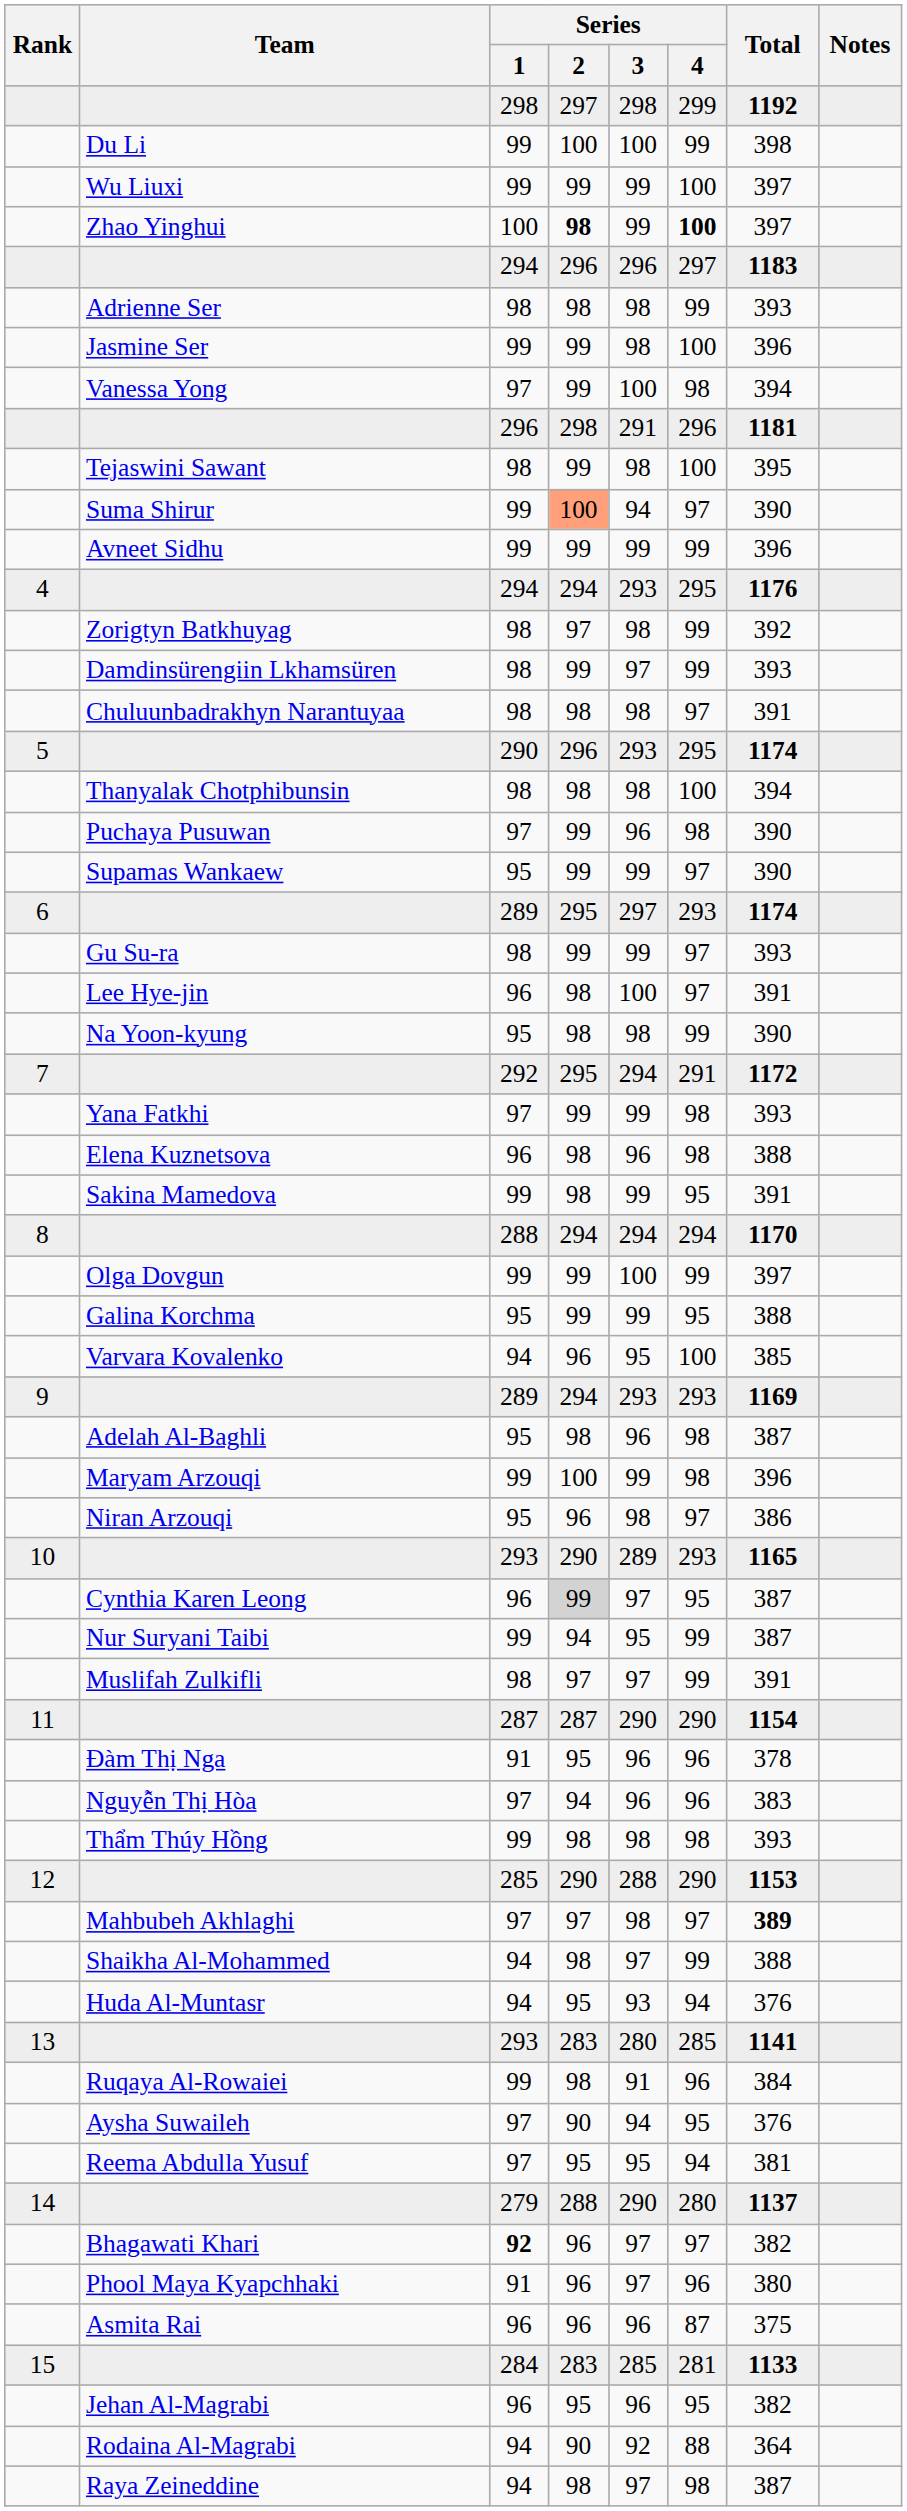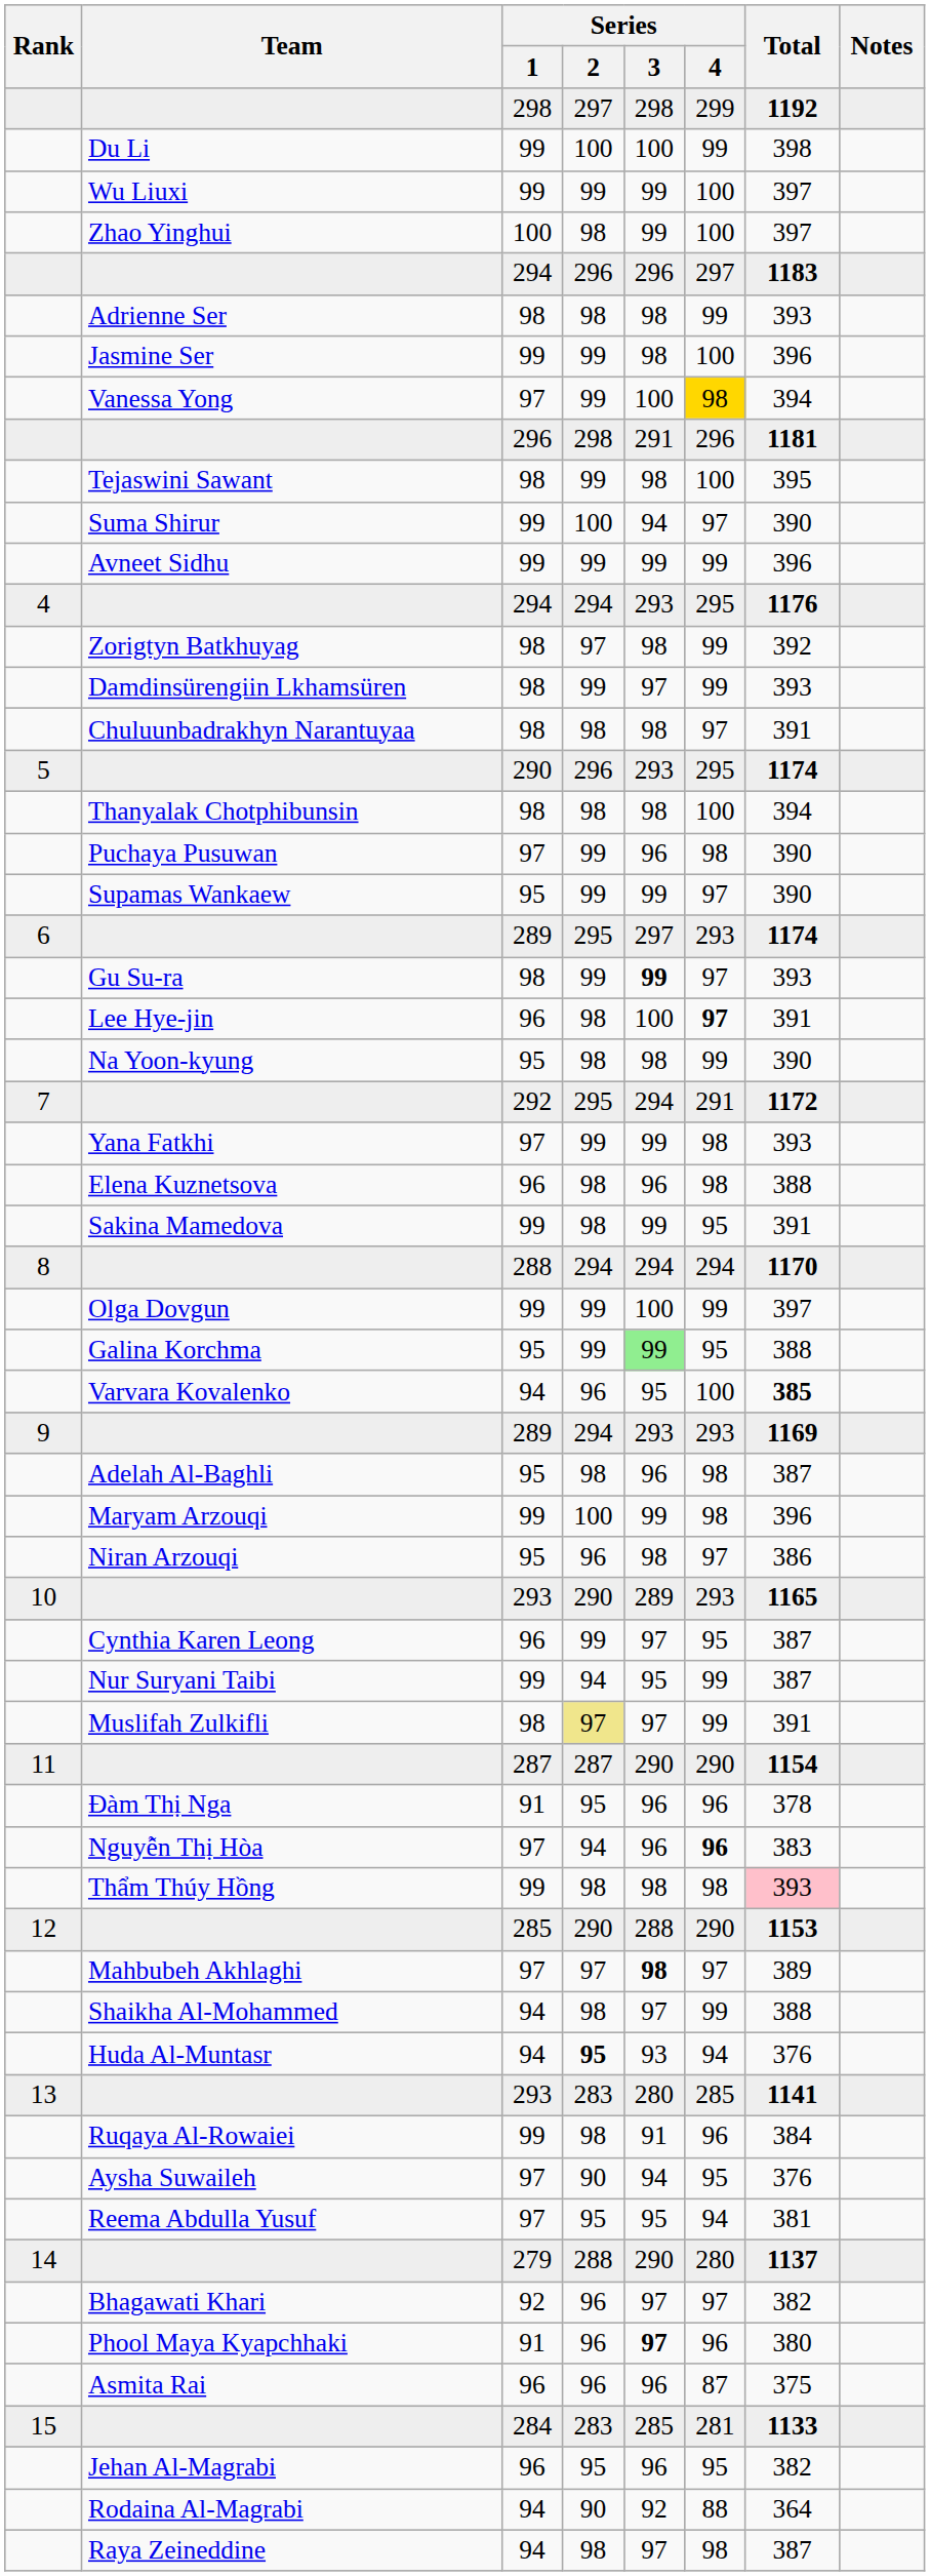 <table class="wikitable" style="text-align:center">
 <tr>
 <th rowspan=2 width=40>Rank</th>
 <th rowspan=2 width=250>Team</th>
 <th colspan=4>Series</th>
 <th rowspan=2 width=50>Total</th>
 <th rowspan=2 width=45>Notes</th>
 </tr>
 <tr>
 <th width=30>1</th>
 <th width=30>2</th>
 <th width=30>3</th>
 <th width=30>4</th>
 </tr>
 <tr bgcolor=eeeeee>
 <td></td>
 <td align=left></td>
 <td>298</td>
 <td>297</td>
 <td>298</td>
 <td>299</td>
 <td><strong>1192</strong></td>
 <td></td>
 </tr>
 <tr>
 <td></td>
 <td align=left><a href='#'>Du Li</a></td>
 <td>99</td>
 <td>100</td>
 <td>100</td>
 <td>99</td>
 <td>398</td>
 <td></td>
 </tr>
 <tr>
 <td></td>
 <td align=left><a href='#'>Wu Liuxi</a></td>
 <td>99</td>
 <td>99</td>
 <td>99</td>
 <td>100</td>
 <td>397</td>
 <td></td>
 </tr>
 <tr>
 <td></td>
 <td align=left><a href='#'>Zhao Yinghui</a></td>
 <td>100</td>
-<td><strong>98</strong></td>
+<td>98</td>
 <td>99</td>
-<td><strong>100</strong></td>
+<td>100</td>
 <td>397</td>
 <td></td>
 </tr>
 <tr bgcolor=eeeeee>
 <td></td>
 <td align=left></td>
 <td>294</td>
 <td>296</td>
 <td>296</td>
 <td>297</td>
 <td><strong>1183</strong></td>
 <td></td>
 </tr>
 <tr>
 <td></td>
 <td align=left><a href='#'>Adrienne Ser</a></td>
 <td>98</td>
 <td>98</td>
 <td>98</td>
 <td>99</td>
 <td>393</td>
 <td></td>
 </tr>
 <tr>
 <td></td>
 <td align=left><a href='#'>Jasmine Ser</a></td>
 <td>99</td>
 <td>99</td>
 <td>98</td>
 <td>100</td>
 <td>396</td>
 <td></td>
 </tr>
 <tr>
 <td></td>
 <td align=left><a href='#'>Vanessa Yong</a></td>
 <td>97</td>
 <td>99</td>
 <td>100</td>
-<td>98</td>
+<td style="background: gold;">98</td>
 <td>394</td>
 <td></td>
 </tr>
 <tr bgcolor=eeeeee>
 <td></td>
 <td align=left></td>
 <td>296</td>
 <td>298</td>
 <td>291</td>
 <td>296</td>
 <td><strong>1181</strong></td>
 <td></td>
 </tr>
 <tr>
 <td></td>
 <td align=left><a href='#'>Tejaswini Sawant</a></td>
 <td>98</td>
 <td>99</td>
 <td>98</td>
 <td>100</td>
 <td>395</td>
 <td></td>
 </tr>
 <tr>
 <td></td>
 <td align=left><a href='#'>Suma Shirur</a></td>
 <td>99</td>
-<td style="background: lightsalmon;">100</td>
+<td>100</td>
 <td>94</td>
 <td>97</td>
 <td>390</td>
 <td></td>
 </tr>
 <tr>
 <td></td>
 <td align=left><a href='#'>Avneet Sidhu</a></td>
 <td>99</td>
 <td>99</td>
 <td>99</td>
 <td>99</td>
 <td>396</td>
 <td></td>
 </tr>
 <tr bgcolor=eeeeee>
 <td>4</td>
 <td align=left></td>
 <td>294</td>
 <td>294</td>
 <td>293</td>
 <td>295</td>
 <td><strong>1176</strong></td>
 <td></td>
 </tr>
 <tr>
 <td></td>
 <td align=left><a href='#'>Zorigtyn Batkhuyag</a></td>
 <td>98</td>
 <td>97</td>
 <td>98</td>
 <td>99</td>
 <td>392</td>
 <td></td>
 </tr>
 <tr>
 <td></td>
 <td align=left><a href='#'>Damdinsürengiin Lkhamsüren</a></td>
 <td>98</td>
 <td>99</td>
 <td>97</td>
 <td>99</td>
 <td>393</td>
 <td></td>
 </tr>
 <tr>
 <td></td>
 <td align=left><a href='#'>Chuluunbadrakhyn Narantuyaa</a></td>
 <td>98</td>
 <td>98</td>
 <td>98</td>
 <td>97</td>
 <td>391</td>
 <td></td>
 </tr>
 <tr bgcolor=eeeeee>
 <td>5</td>
 <td align=left></td>
 <td>290</td>
 <td>296</td>
 <td>293</td>
 <td>295</td>
 <td><strong>1174</strong></td>
 <td></td>
 </tr>
 <tr>
 <td></td>
 <td align=left><a href='#'>Thanyalak Chotphibunsin</a></td>
 <td>98</td>
 <td>98</td>
 <td>98</td>
 <td>100</td>
 <td>394</td>
 <td></td>
 </tr>
 <tr>
 <td></td>
 <td align=left><a href='#'>Puchaya Pusuwan</a></td>
 <td>97</td>
 <td>99</td>
 <td>96</td>
 <td>98</td>
 <td>390</td>
 <td></td>
 </tr>
 <tr>
 <td></td>
 <td align=left><a href='#'>Supamas Wankaew</a></td>
 <td>95</td>
 <td>99</td>
 <td>99</td>
 <td>97</td>
 <td>390</td>
 <td></td>
 </tr>
 <tr bgcolor=eeeeee>
 <td>6</td>
 <td align=left></td>
 <td>289</td>
 <td>295</td>
 <td>297</td>
 <td>293</td>
 <td><strong>1174</strong></td>
 <td></td>
 </tr>
 <tr>
 <td></td>
 <td align=left><a href='#'>Gu Su-ra</a></td>
 <td>98</td>
 <td>99</td>
-<td>99</td>
+<td><strong>99</strong></td>
 <td>97</td>
 <td>393</td>
 <td></td>
 </tr>
 <tr>
 <td></td>
 <td align=left><a href='#'>Lee Hye-jin</a></td>
 <td>96</td>
 <td>98</td>
 <td>100</td>
-<td>97</td>
+<td><strong>97</strong></td>
 <td>391</td>
 <td></td>
 </tr>
 <tr>
 <td></td>
 <td align=left><a href='#'>Na Yoon-kyung</a></td>
 <td>95</td>
 <td>98</td>
 <td>98</td>
 <td>99</td>
 <td>390</td>
 <td></td>
 </tr>
 <tr bgcolor=eeeeee>
 <td>7</td>
 <td align=left></td>
 <td>292</td>
 <td>295</td>
 <td>294</td>
 <td>291</td>
 <td><strong>1172</strong></td>
 <td></td>
 </tr>
 <tr>
 <td></td>
 <td align=left><a href='#'>Yana Fatkhi</a></td>
 <td>97</td>
 <td>99</td>
 <td>99</td>
 <td>98</td>
 <td>393</td>
 <td></td>
 </tr>
 <tr>
 <td></td>
 <td align=left><a href='#'>Elena Kuznetsova</a></td>
 <td>96</td>
 <td>98</td>
 <td>96</td>
 <td>98</td>
 <td>388</td>
 <td></td>
 </tr>
 <tr>
 <td></td>
 <td align=left><a href='#'>Sakina Mamedova</a></td>
 <td>99</td>
 <td>98</td>
 <td>99</td>
 <td>95</td>
 <td>391</td>
 <td></td>
 </tr>
 <tr bgcolor=eeeeee>
 <td>8</td>
 <td align=left></td>
 <td>288</td>
 <td>294</td>
 <td>294</td>
 <td>294</td>
 <td><strong>1170</strong></td>
 <td></td>
 </tr>
 <tr>
 <td></td>
 <td align=left><a href='#'>Olga Dovgun</a></td>
 <td>99</td>
 <td>99</td>
 <td>100</td>
 <td>99</td>
 <td>397</td>
 <td></td>
 </tr>
 <tr>
 <td></td>
 <td align=left><a href='#'>Galina Korchma</a></td>
 <td>95</td>
 <td>99</td>
-<td>99</td>
+<td style="background: lightgreen;">99</td>
 <td>95</td>
 <td>388</td>
 <td></td>
 </tr>
 <tr>
 <td></td>
 <td align=left><a href='#'>Varvara Kovalenko</a></td>
 <td>94</td>
 <td>96</td>
 <td>95</td>
 <td>100</td>
-<td>385</td>
+<td><strong>385</strong></td>
 <td></td>
 </tr>
 <tr bgcolor=eeeeee>
 <td>9</td>
 <td align=left></td>
 <td>289</td>
 <td>294</td>
 <td>293</td>
 <td>293</td>
 <td><strong>1169</strong></td>
 <td></td>
 </tr>
 <tr>
 <td></td>
 <td align=left><a href='#'>Adelah Al-Baghli</a></td>
 <td>95</td>
 <td>98</td>
 <td>96</td>
 <td>98</td>
 <td>387</td>
 <td></td>
 </tr>
 <tr>
 <td></td>
 <td align=left><a href='#'>Maryam Arzouqi</a></td>
 <td>99</td>
 <td>100</td>
 <td>99</td>
 <td>98</td>
 <td>396</td>
 <td></td>
 </tr>
 <tr>
 <td></td>
 <td align=left><a href='#'>Niran Arzouqi</a></td>
 <td>95</td>
 <td>96</td>
 <td>98</td>
 <td>97</td>
 <td>386</td>
 <td></td>
 </tr>
 <tr bgcolor=eeeeee>
 <td>10</td>
 <td align=left></td>
 <td>293</td>
 <td>290</td>
 <td>289</td>
 <td>293</td>
 <td><strong>1165</strong></td>
 <td></td>
 </tr>
 <tr>
 <td></td>
 <td align=left><a href='#'>Cynthia Karen Leong</a></td>
 <td>96</td>
-<td style="background: lightgrey;">99</td>
+<td>99</td>
 <td>97</td>
 <td>95</td>
 <td>387</td>
 <td></td>
 </tr>
 <tr>
 <td></td>
 <td align=left><a href='#'>Nur Suryani Taibi</a></td>
 <td>99</td>
 <td>94</td>
 <td>95</td>
 <td>99</td>
 <td>387</td>
 <td></td>
 </tr>
 <tr>
 <td></td>
 <td align=left><a href='#'>Muslifah Zulkifli</a></td>
 <td>98</td>
-<td>97</td>
+<td style="background: khaki;">97</td>
 <td>97</td>
 <td>99</td>
 <td>391</td>
 <td></td>
 </tr>
 <tr bgcolor=eeeeee>
 <td>11</td>
 <td align=left></td>
 <td>287</td>
 <td>287</td>
 <td>290</td>
 <td>290</td>
 <td><strong>1154</strong></td>
 <td></td>
 </tr>
 <tr>
 <td></td>
 <td align=left><a href='#'>Đàm Thị Nga</a></td>
 <td>91</td>
 <td>95</td>
 <td>96</td>
 <td>96</td>
 <td>378</td>
 <td></td>
 </tr>
 <tr>
 <td></td>
 <td align=left><a href='#'>Nguyễn Thị Hòa</a></td>
 <td>97</td>
 <td>94</td>
 <td>96</td>
-<td>96</td>
+<td><strong>96</strong></td>
 <td>383</td>
 <td></td>
 </tr>
 <tr>
 <td></td>
 <td align=left><a href='#'>Thẩm Thúy Hồng</a></td>
 <td>99</td>
 <td>98</td>
 <td>98</td>
 <td>98</td>
-<td>393</td>
+<td style="background: pink;">393</td>
 <td></td>
 </tr>
 <tr bgcolor=eeeeee>
 <td>12</td>
 <td align=left></td>
 <td>285</td>
 <td>290</td>
 <td>288</td>
 <td>290</td>
 <td><strong>1153</strong></td>
 <td></td>
 </tr>
 <tr>
 <td></td>
 <td align=left><a href='#'>Mahbubeh Akhlaghi</a></td>
 <td>97</td>
 <td>97</td>
-<td>98</td>
+<td><strong>98</strong></td>
 <td>97</td>
-<td><strong>389</strong></td>
+<td>389</td>
 <td></td>
 </tr>
 <tr>
 <td></td>
 <td align=left><a href='#'>Shaikha Al-Mohammed</a></td>
 <td>94</td>
 <td>98</td>
 <td>97</td>
 <td>99</td>
 <td>388</td>
 <td></td>
 </tr>
 <tr>
 <td></td>
 <td align=left><a href='#'>Huda Al-Muntasr</a></td>
 <td>94</td>
-<td>95</td>
+<td><strong>95</strong></td>
 <td>93</td>
 <td>94</td>
 <td>376</td>
 <td></td>
 </tr>
 <tr bgcolor=eeeeee>
 <td>13</td>
 <td align=left></td>
 <td>293</td>
 <td>283</td>
 <td>280</td>
 <td>285</td>
 <td><strong>1141</strong></td>
 <td></td>
 </tr>
 <tr>
 <td></td>
 <td align=left><a href='#'>Ruqaya Al-Rowaiei</a></td>
 <td>99</td>
 <td>98</td>
 <td>91</td>
 <td>96</td>
 <td>384</td>
 <td></td>
 </tr>
 <tr>
 <td></td>
 <td align=left><a href='#'>Aysha Suwaileh</a></td>
 <td>97</td>
 <td>90</td>
 <td>94</td>
 <td>95</td>
 <td>376</td>
 <td></td>
 </tr>
 <tr>
 <td></td>
 <td align=left><a href='#'>Reema Abdulla Yusuf</a></td>
 <td>97</td>
 <td>95</td>
 <td>95</td>
 <td>94</td>
 <td>381</td>
 <td></td>
 </tr>
 <tr bgcolor=eeeeee>
 <td>14</td>
 <td align=left></td>
 <td>279</td>
 <td>288</td>
 <td>290</td>
 <td>280</td>
 <td><strong>1137</strong></td>
 <td></td>
 </tr>
 <tr>
 <td></td>
 <td align=left><a href='#'>Bhagawati Khari</a></td>
-<td><strong>92</strong></td>
+<td>92</td>
 <td>96</td>
 <td>97</td>
 <td>97</td>
 <td>382</td>
 <td></td>
 </tr>
 <tr>
 <td></td>
 <td align=left><a href='#'>Phool Maya Kyapchhaki</a></td>
 <td>91</td>
 <td>96</td>
-<td>97</td>
+<td><strong>97</strong></td>
 <td>96</td>
 <td>380</td>
 <td></td>
 </tr>
 <tr>
 <td></td>
 <td align=left><a href='#'>Asmita Rai</a></td>
 <td>96</td>
 <td>96</td>
 <td>96</td>
 <td>87</td>
 <td>375</td>
 <td></td>
 </tr>
 <tr bgcolor=eeeeee>
 <td>15</td>
 <td align=left></td>
 <td>284</td>
 <td>283</td>
 <td>285</td>
 <td>281</td>
 <td><strong>1133</strong></td>
 <td></td>
 </tr>
 <tr>
 <td></td>
 <td align=left><a href='#'>Jehan Al-Magrabi</a></td>
 <td>96</td>
 <td>95</td>
 <td>96</td>
 <td>95</td>
 <td>382</td>
 <td></td>
 </tr>
 <tr>
 <td></td>
 <td align=left><a href='#'>Rodaina Al-Magrabi</a></td>
 <td>94</td>
 <td>90</td>
 <td>92</td>
 <td>88</td>
 <td>364</td>
 <td></td>
 </tr>
 <tr>
 <td></td>
 <td align=left><a href='#'>Raya Zeineddine</a></td>
 <td>94</td>
 <td>98</td>
 <td>97</td>
 <td>98</td>
 <td>387</td>
 <td></td>
 </tr>
 </table>
